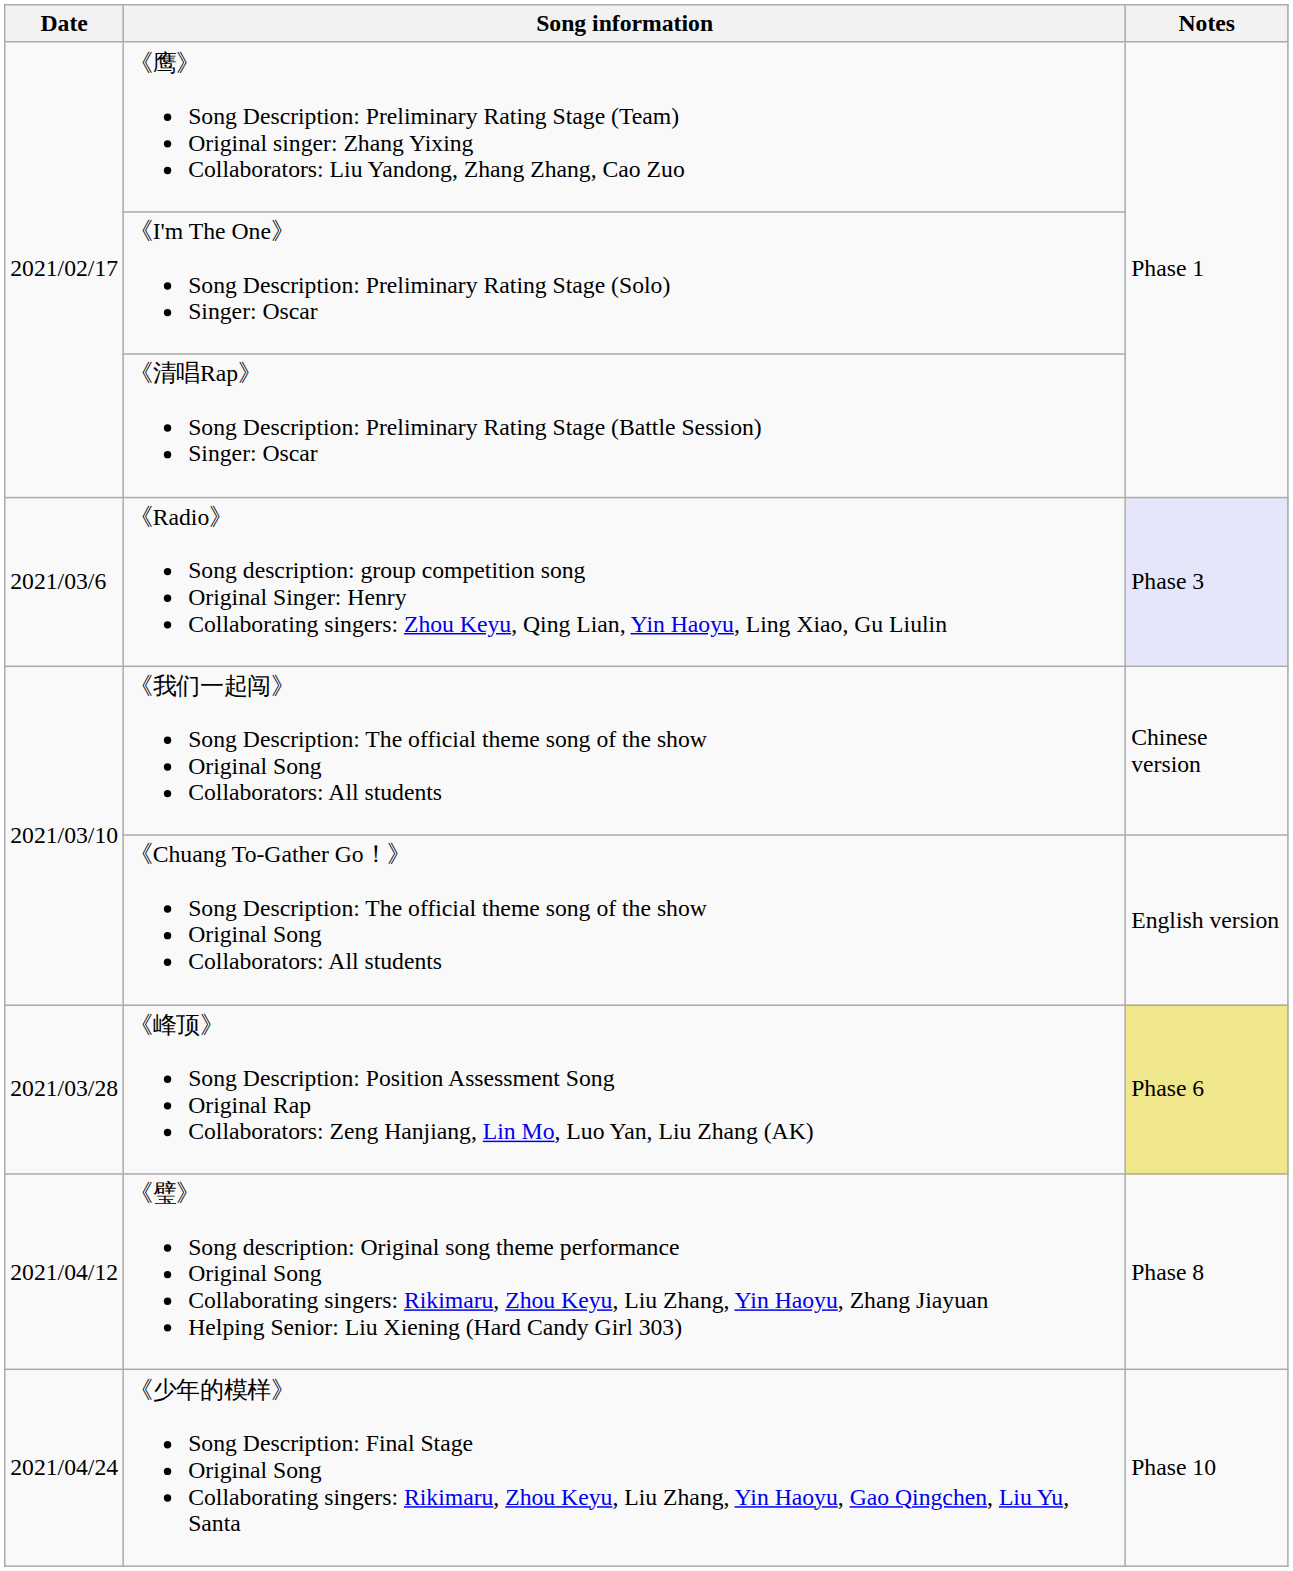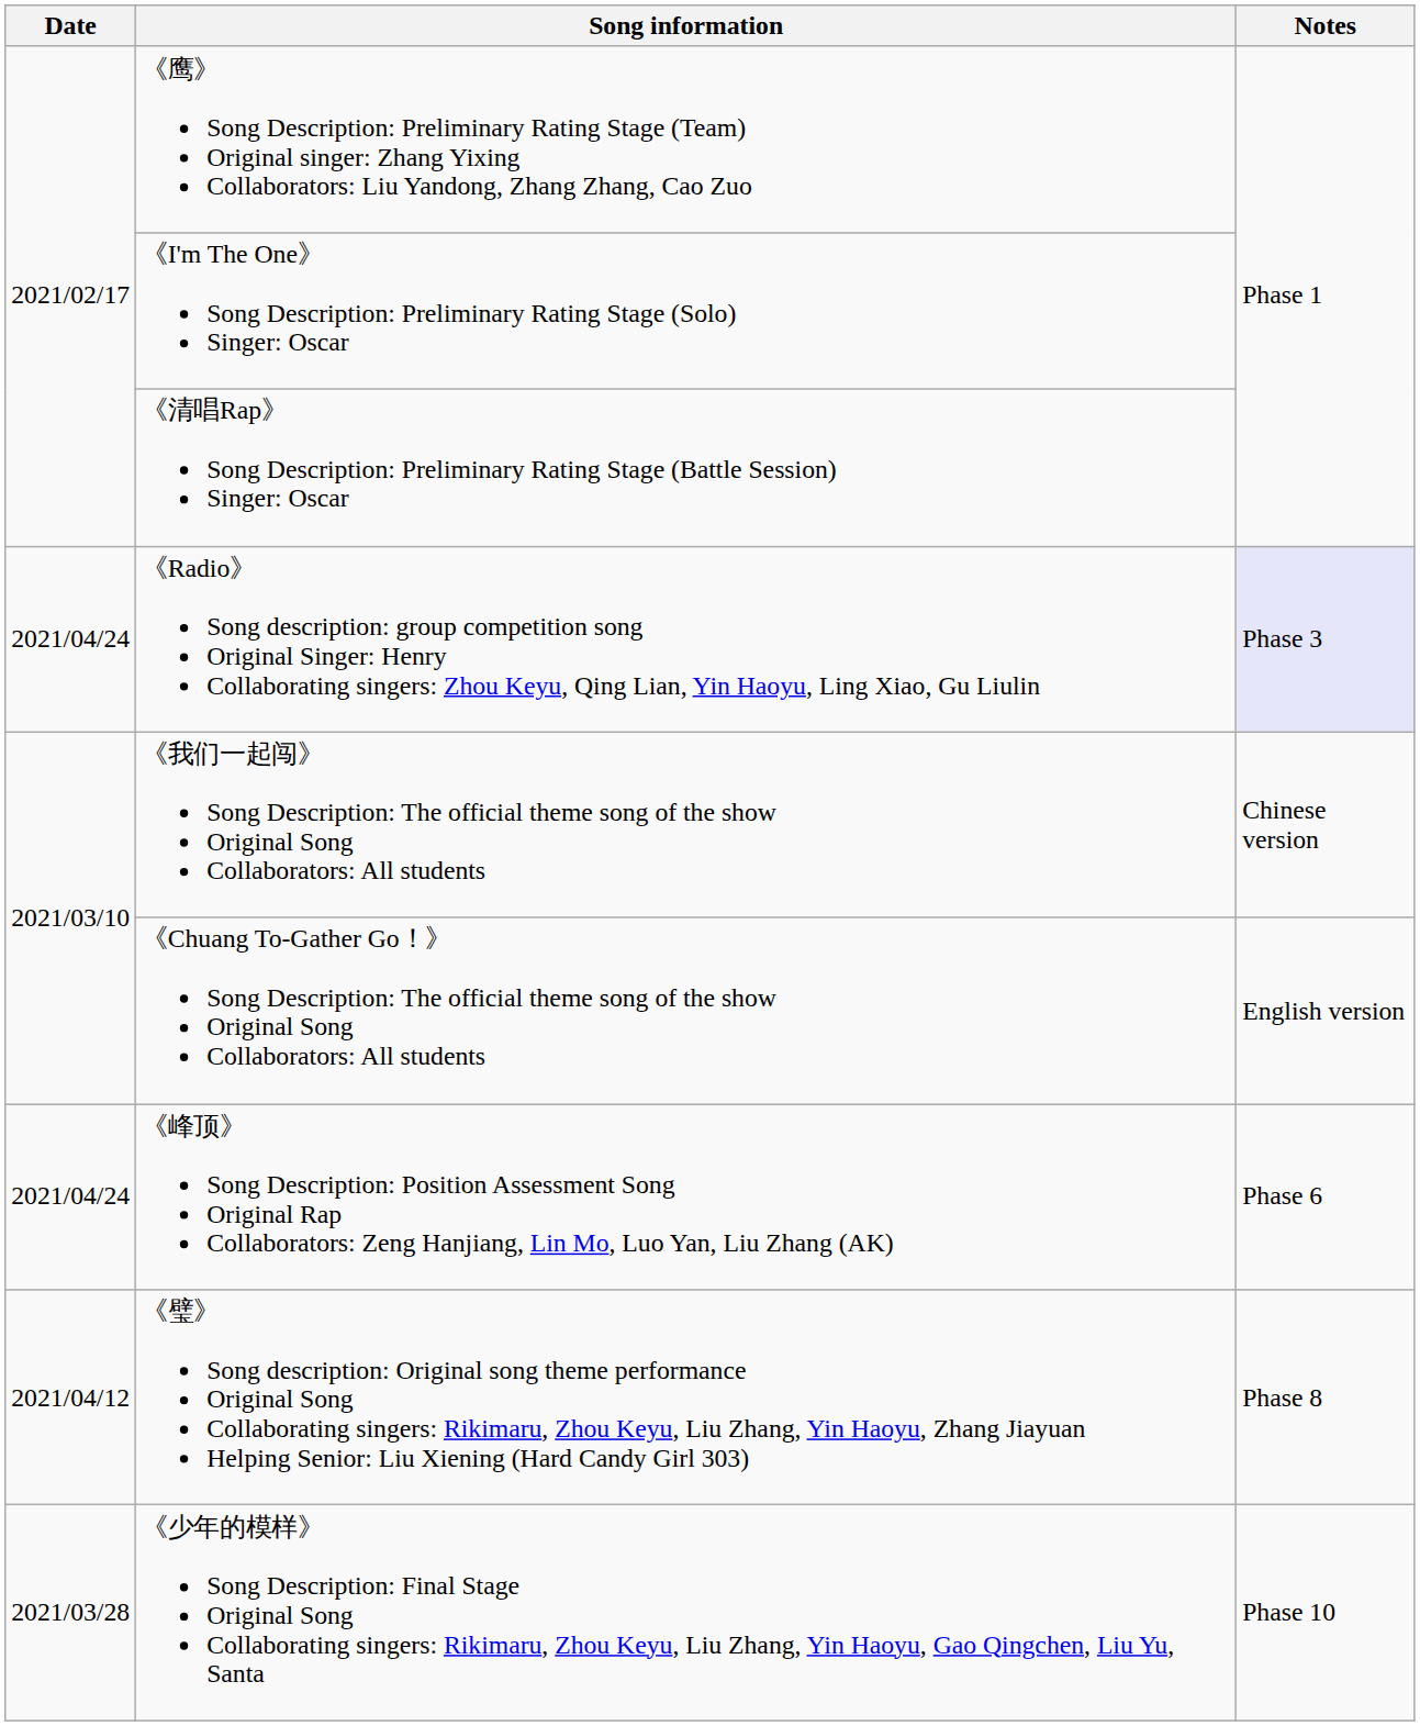 <table class="wikitable">
 <tr>
 <th>Date</th>
 <th>Song information</th>
 <th>Notes</th>
 </tr>
 <tr>
 <td rowspan="3">2021/02/17</td>
 <td>《鹰》<br><ul><li>Song Description: Preliminary Rating Stage (Team)</li><li>Original singer: Zhang Yixing</li><li>Collaborators: Liu Yandong, Zhang Zhang, Cao Zuo</li></ul></td>
 <td rowspan="3">Phase 1</td>
 </tr>
 <tr>
 <td>《I'm The One》<br><ul><li>Song Description: Preliminary Rating Stage (Solo)</li><li>Singer: Oscar</li></ul></td>
 </tr>
 <tr>
 <td>《清唱Rap》<br><ul><li>Song Description: Preliminary Rating Stage (Battle Session)</li><li>Singer: Oscar</li></ul></td>
 </tr>
 <tr>
-<td>2021/03/6</td>
+<td>2021/04/24</td>
 <td>《Radio》<br><ul><li>Song description: group competition song</li><li>Original Singer: Henry</li><li>Collaborating singers: <a href='#'>Zhou Keyu</a>, Qing Lian, <a href='#'>Yin Haoyu</a>, Ling Xiao, Gu Liulin</li></ul></td>
 <td style="background: lavender;">Phase 3</td>
 </tr>
 <tr>
 <td rowspan="2">2021/03/10</td>
 <td>《我们一起闯》<br><ul><li>Song Description: The official theme song of the show</li><li>Original Song</li><li>Collaborators: All students</li></ul></td>
 <td>Chinese version</td>
 </tr>
 <tr>
 <td>《Chuang To-Gather Go！》<br><ul><li>Song Description: The official theme song of the show</li><li>Original Song</li><li>Collaborators: All students</li></ul></td>
 <td>English version</td>
 </tr>
 <tr>
-<td>2021/03/28</td>
+<td>2021/04/24</td>
 <td>《峰顶》<br><ul><li>Song Description: Position Assessment Song</li><li>Original Rap</li><li>Collaborators: Zeng Hanjiang, <a href='#'>Lin Mo</a>, Luo Yan, Liu Zhang (AK)</li></ul></td>
-<td style="background: khaki;">Phase 6</td>
+<td>Phase 6</td>
 </tr>
 <tr>
 <td>2021/04/12</td>
 <td>《璧》<br><ul><li>Song description: Original song theme performance</li><li>Original Song</li><li>Collaborating singers: <a href='#'>Rikimaru</a>, <a href='#'>Zhou Keyu</a>, Liu Zhang, <a href='#'>Yin Haoyu</a>, Zhang Jiayuan</li><li>Helping Senior: Liu Xiening (Hard Candy Girl 303)</li></ul></td>
 <td>Phase 8</td>
 </tr>
 <tr>
-<td>2021/04/24</td>
+<td>2021/03/28</td>
 <td>《少年的模样》<br><ul><li>Song Description: Final Stage</li><li>Original Song</li><li>Collaborating singers: <a href='#'>Rikimaru</a>, <a href='#'>Zhou Keyu</a>, Liu Zhang, <a href='#'>Yin Haoyu</a>, <a href='#'>Gao Qingchen</a>, <a href='#'>Liu Yu</a>, Santa</li></ul></td>
 <td>Phase 10</td>
 </tr>
 </table>
